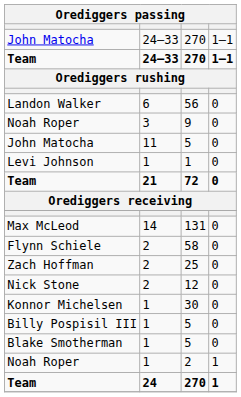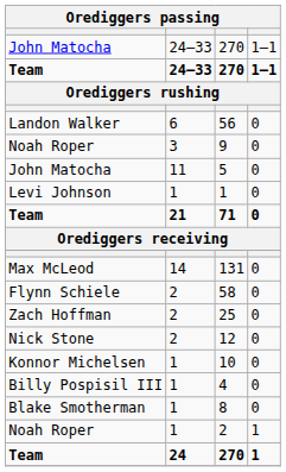 <table class="wikitable plainrowheaders">
 <tr>
 <th colspan="6">Orediggers passing</th>
 </tr>
 <tr>
 <th scope="col"></th>
 <th scope="col"></th>
 <th scope="col"></th>
 <th scope="col"></th>
 </tr>
 <tr>
 <td><a href='#'>John Matocha</a></td>
 <td>24–33</td>
 <td>270</td>
 <td>1–1</td>
 </tr>
 <tr>
 <td><strong>Team</strong></td>
 <td><strong>24–33</strong></td>
 <td><strong>270</strong></td>
 <td><strong>1–1</strong></td>
 </tr>
 <tr>
 <th colspan="6">Orediggers rushing</th>
 </tr>
 <tr>
 <th scope="col"></th>
 <th scope="col"></th>
 <th scope="col"></th>
 <th scope="col"></th>
 </tr>
 <tr>
 <td>Landon Walker</td>
 <td>6</td>
 <td>56</td>
 <td>0</td>
 </tr>
 <tr>
 <td>Noah Roper</td>
 <td>3</td>
 <td>9</td>
 <td>0</td>
 </tr>
 <tr>
 <td>John Matocha</td>
 <td>11</td>
 <td>5</td>
 <td>0</td>
 </tr>
 <tr>
 <td>Levi Johnson</td>
 <td>1</td>
 <td>1</td>
 <td>0</td>
 </tr>
 <tr>
 <td><strong>Team</strong></td>
 <td><strong>21</strong></td>
-<td><strong>72</strong></td>
+<td><strong>71</strong></td>
 <td><strong>0</strong></td>
 </tr>
 <tr>
 <th colspan="6">Orediggers receiving</th>
 </tr>
 <tr>
 </tr>
 <tr>
 <th scope="col"></th>
 <th scope="col"></th>
 <th scope="col"></th>
 <th scope="col"></th>
 </tr>
 <tr>
 <td>Max McLeod</td>
 <td>14</td>
 <td>131</td>
 <td>0</td>
 </tr>
 <tr>
 <td>Flynn Schiele</td>
 <td>2</td>
 <td>58</td>
 <td>0</td>
 </tr>
 <tr>
 <td>Zach Hoffman</td>
 <td>2</td>
 <td>25</td>
 <td>0</td>
 </tr>
 <tr>
 <td>Nick Stone</td>
 <td>2</td>
 <td>12</td>
 <td>0</td>
 </tr>
 <tr>
 <td>Konnor Michelsen</td>
 <td>1</td>
-<td>30</td>
+<td>10</td>
 <td>0</td>
 </tr>
 <tr>
 <td>Billy Pospisil III</td>
 <td>1</td>
-<td>5</td>
+<td>4</td>
 <td>0</td>
 </tr>
 <tr>
 <td>Blake Smotherman</td>
 <td>1</td>
-<td>5</td>
+<td>8</td>
 <td>0</td>
 </tr>
 <tr>
 <td>Noah Roper</td>
 <td>1</td>
 <td>2</td>
 <td>1</td>
 </tr>
 <tr>
 <td><strong>Team</strong></td>
 <td><strong>24</strong></td>
 <td><strong>270</strong></td>
 <td><strong>1</strong></td>
 </tr>
 <tr>
 </tr>
 </table>
